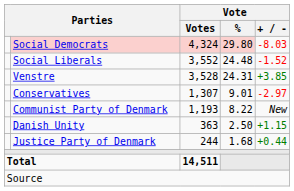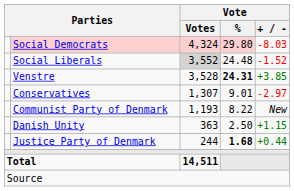 <table class="wikitable" style="text-align:right;">
 <tr>
 <th style="text-align:centre;" rowspan="2" colspan="2" width="225">Parties</th>
 <th colspan="3">Vote</th>
 </tr>
 <tr>
 <th width="15">Votes</th>
 <th width="15">%</th>
 <th width="15">+ / -</th>
 </tr>
 <tr>
 <td width="2" style="color:inherit;background:"></td>
 <td bgcolor=#fbd0ce  align="left"><a href='#'>Social Democrats</a></td>
 <td bgcolor=#fbd0ce>4,324</td>
 <td bgcolor=#fbd0ce>29.80</td>
 <td style=color:red;>-8.03</td>
 </tr>
 <tr>
 <td width="2" style="color:inherit;background:"></td>
 <td align="left"><a href='#'>Social Liberals</a></td>
-<td>3,552</td>
+<td style="background: lightgrey;">3,552</td>
 <td>24.48</td>
 <td style=color:red;>-1.52</td>
 </tr>
 <tr>
 <td width="2" style="color:inherit;background:"></td>
 <td align="left"><a href='#'>Venstre</a></td>
 <td>3,528</td>
-<td>24.31</td>
+<td><strong>24.31</strong></td>
 <td style=color:green;>+3.85</td>
 </tr>
 <tr>
 <td width="2" style="color:inherit;background:"></td>
 <td align="left"><a href='#'>Conservatives</a></td>
 <td>1,307</td>
 <td>9.01</td>
 <td style=color:red;>-2.97</td>
 </tr>
 <tr>
 <td width="2" style="color:inherit;background:"></td>
 <td align="left"><a href='#'>Communist Party of Denmark</a></td>
 <td>1,193</td>
 <td>8.22</td>
 <td><em>New</em></td>
 </tr>
 <tr>
 <td width="2" style="color:inherit;background:"></td>
 <td align="left"><a href='#'>Danish Unity</a></td>
 <td>363</td>
 <td>2.50</td>
 <td style=color:green;>+1.15</td>
 </tr>
 <tr>
 <td width="2" style="color:inherit;background:"></td>
 <td align="left"><a href='#'>Justice Party of Denmark</a></td>
 <td>244</td>
-<td>1.68</td>
+<td><strong>1.68</strong></td>
 <td style=color:green;>+0.44</td>
 </tr>
 <tr>
 <td colspan="7" bgcolor="#E9E9E9"></td>
 </tr>
 <tr>
 <td align="left" colspan="2"><strong>Total</strong></td>
 <td><strong>14,511</strong></td>
 <td bgcolor="#E9E9E9" colspan="2"></td>
 </tr>
 <tr>
 <td align="left" colspan="6">Source</td>
 </tr>
 </table>
